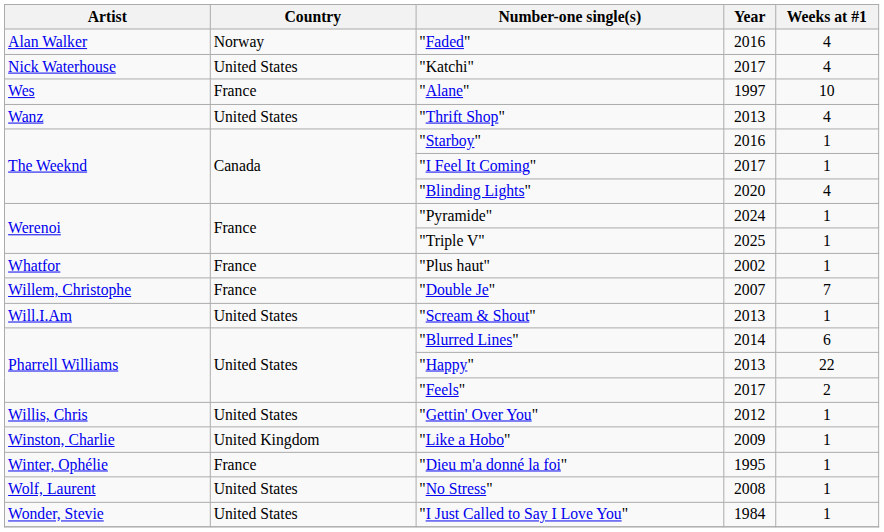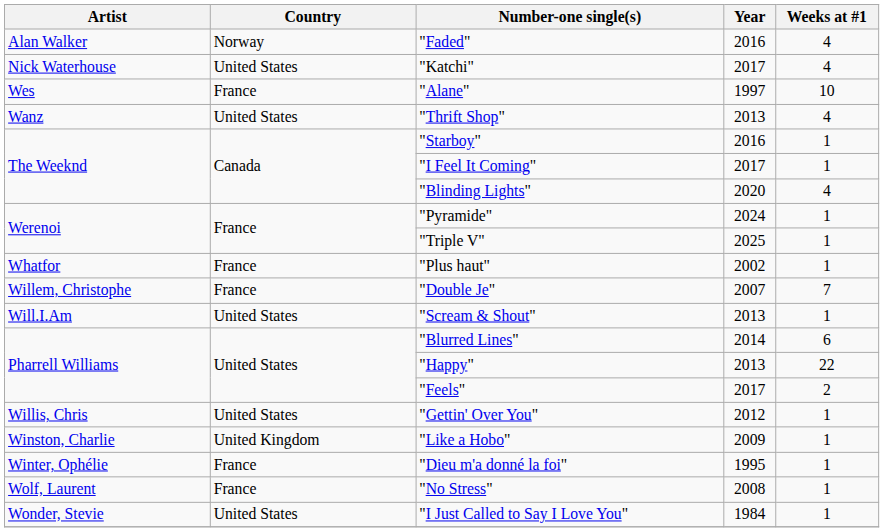 <table class="wikitable">
 <tr>
 <th width="20%">Artist</th>
 <th width="20%">Country</th>
 <th width="30%">Number-one single(s)</th>
 <th width="5%">Year</th>
 <th width="10%">Weeks at #1</th>
 </tr>
 <tr>
 <td><a href='#'>Alan Walker</a></td>
 <td>Norway</td>
 <td>"<a href='#'>Faded</a>"</td>
 <td align=center>2016</td>
 <td align=center>4</td>
 </tr>
 <tr>
 <td><a href='#'>Nick Waterhouse</a></td>
 <td>United States</td>
 <td>"Katchi"</td>
 <td align=center>2017</td>
 <td align=center>4</td>
 </tr>
 <tr>
 <td><a href='#'>Wes</a></td>
 <td>France</td>
 <td>"<a href='#'>Alane</a>"</td>
 <td align=center>1997</td>
 <td align=center>10</td>
 </tr>
 <tr>
 <td><a href='#'>Wanz</a></td>
 <td>United States</td>
 <td>"<a href='#'>Thrift Shop</a>"</td>
 <td align=center>2013</td>
 <td align=center>4</td>
 </tr>
 <tr>
 <td rowspan="3"><a href='#'>The Weeknd</a></td>
 <td rowspan="3">Canada</td>
 <td>"<a href='#'>Starboy</a>"</td>
 <td align=center>2016</td>
 <td align=center>1</td>
 </tr>
 <tr>
 <td>"<a href='#'>I Feel It Coming</a>"</td>
 <td align=center>2017</td>
 <td align=center>1</td>
 </tr>
 <tr>
 <td>"<a href='#'>Blinding Lights</a>"</td>
 <td align=center>2020</td>
 <td align=center>4</td>
 </tr>
 <tr>
 <td rowspan=2><a href='#'>Werenoi</a></td>
 <td rowspan=2>France</td>
 <td>"Pyramide"</td>
 <td align=center>2024</td>
 <td align=center>1</td>
 </tr>
 <tr>
 <td>"Triple V"</td>
 <td align=center>2025</td>
 <td align=center>1</td>
 </tr>
 <tr>
 <td><a href='#'>Whatfor</a></td>
 <td>France</td>
 <td>"Plus haut"</td>
 <td align=center>2002</td>
 <td align=center>1</td>
 </tr>
 <tr>
 <td><a href='#'>Willem, Christophe</a></td>
 <td>France</td>
 <td>"<a href='#'>Double Je</a>"</td>
 <td align=center>2007</td>
 <td align=center>7</td>
 </tr>
 <tr>
 <td><a href='#'>Will.I.Am</a></td>
 <td>United States</td>
 <td>"<a href='#'>Scream & Shout</a>"</td>
 <td align=center>2013</td>
 <td align=center>1</td>
 </tr>
 <tr>
 <td rowspan="3"><a href='#'>Pharrell Williams</a></td>
 <td rowspan="3">United States</td>
 <td>"<a href='#'>Blurred Lines</a>"</td>
 <td align=center>2014</td>
 <td align=center>6</td>
 </tr>
 <tr>
 <td>"<a href='#'>Happy</a>"</td>
 <td align=center>2013</td>
 <td align=center>22</td>
 </tr>
 <tr>
 <td>"<a href='#'>Feels</a>"</td>
 <td align=center>2017</td>
 <td align=center>2</td>
 </tr>
 <tr>
 <td><a href='#'>Willis, Chris</a></td>
 <td>United States</td>
 <td>"<a href='#'>Gettin' Over You</a>"</td>
 <td align=center>2012</td>
 <td align=center>1</td>
 </tr>
 <tr>
 <td><a href='#'>Winston, Charlie</a></td>
 <td>United Kingdom</td>
 <td>"<a href='#'>Like a Hobo</a>"</td>
 <td align=center>2009</td>
 <td align=center>1</td>
 </tr>
 <tr>
 <td><a href='#'>Winter, Ophélie</a></td>
 <td>France</td>
 <td>"<a href='#'>Dieu m'a donné la foi</a>"</td>
 <td align=center>1995</td>
 <td align=center>1</td>
 </tr>
 <tr>
 <td><a href='#'>Wolf, Laurent</a></td>
-<td>United States</td>
+<td>France</td>
 <td>"<a href='#'>No Stress</a>"</td>
 <td align=center>2008</td>
 <td align=center>1</td>
 </tr>
 <tr>
 <td><a href='#'>Wonder, Stevie</a></td>
 <td>United States</td>
 <td>"<a href='#'>I Just Called to Say I Love You</a>"</td>
 <td align=center>1984</td>
 <td align=center>1</td>
 </tr>
 <tr>
 </tr>
 </table>
